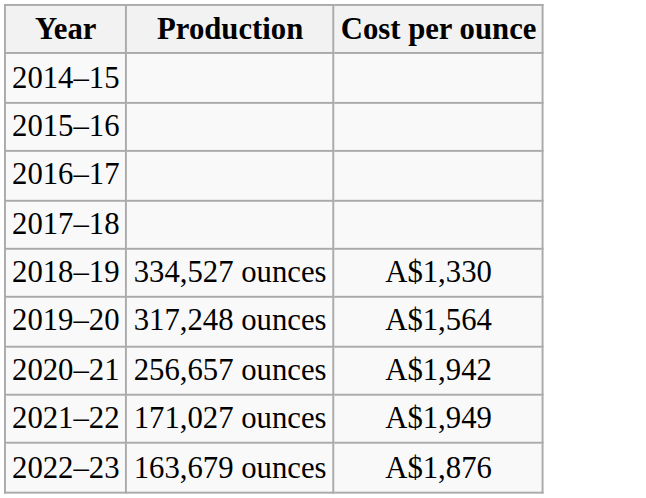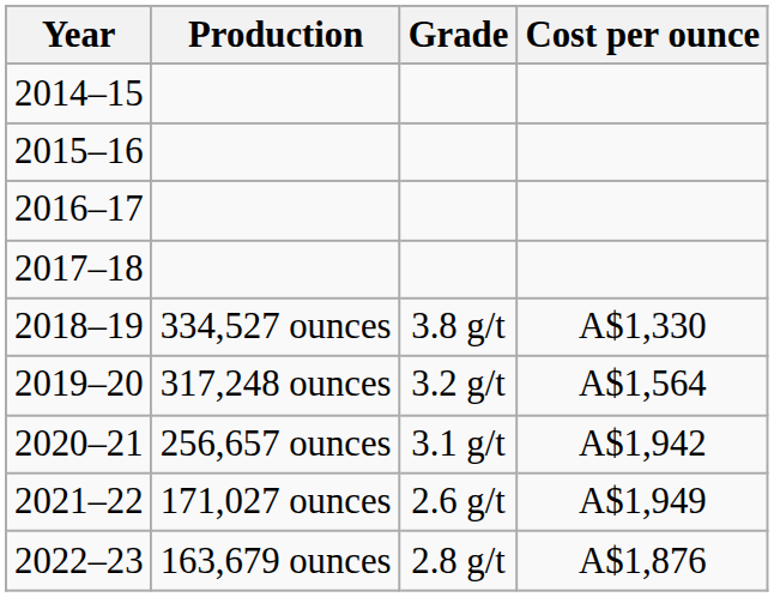 <table class="wikitable">
 <tr style="text-align:center;">
 <th>Year</th>
 <th>Production</th>
+<th>Grade</th>
 <th>Cost per ounce</th>
 </tr>
 <tr style="text-align:center;">
 <td>2014–15</td>
+<td></td>
 <td></td>
 <td></td>
 </tr>
 <tr style="text-align:center;">
 <td>2015–16</td>
 <td></td>
 <td></td>
+<td></td>
 </tr>
 <tr style="text-align:center;">
 <td>2016–17</td>
+<td></td>
 <td></td>
 <td></td>
 </tr>
 <tr style="text-align:center;">
 <td>2017–18</td>
 <td></td>
 <td></td>
+<td></td>
 </tr>
 <tr style="text-align:center;">
 <td>2018–19</td>
 <td>334,527 ounces</td>
+<td>3.8 g/t</td>
 <td>A$1,330</td>
 </tr>
 <tr style="text-align:center;">
 <td>2019–20</td>
 <td>317,248 ounces</td>
+<td>3.2 g/t</td>
 <td>A$1,564</td>
 </tr>
 <tr style="text-align:center;">
 <td>2020–21</td>
 <td>256,657 ounces</td>
+<td>3.1 g/t</td>
 <td>A$1,942</td>
 </tr>
 <tr style="text-align:center;">
 <td>2021–22</td>
 <td>171,027 ounces</td>
+<td>2.6 g/t</td>
 <td>A$1,949</td>
 </tr>
 <tr style="text-align:center;">
 <td>2022–23</td>
 <td>163,679 ounces</td>
+<td>2.8 g/t</td>
 <td>A$1,876</td>
 </tr>
 </table>
